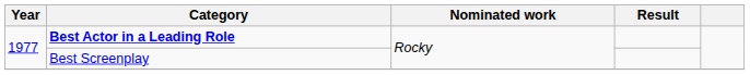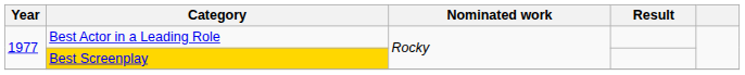 <table class=wikitable class="wikitable sortable">
 <tr>
 <th width=4%>Year</th>
 <th width=40%>Category</th>
 <th width=26%>Nominated work</th>
 <th width=10%>Result</th>
 <th width=5%></th>
 </tr>
 <tr>
 <td rowspan="2"><a href='#'>1977</a></td>
-<td><strong><a href='#'>Best Actor in a Leading Role</a></strong></td>
+<td><a href='#'>Best Actor in a Leading Role</a></td>
 <td rowspan="2"><em>Rocky</em></td>
 <td></td>
 <td rowspan="2"></td>
 </tr>
 <tr>
-<td><a href='#'>Best Screenplay</a></td>
+<td style="background: gold;"><a href='#'>Best Screenplay</a></td>
 <td></td>
 </tr>
 <tr>
 </tr>
 </table>
